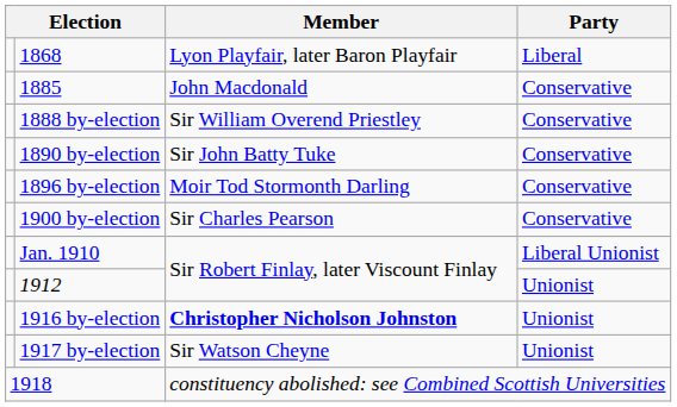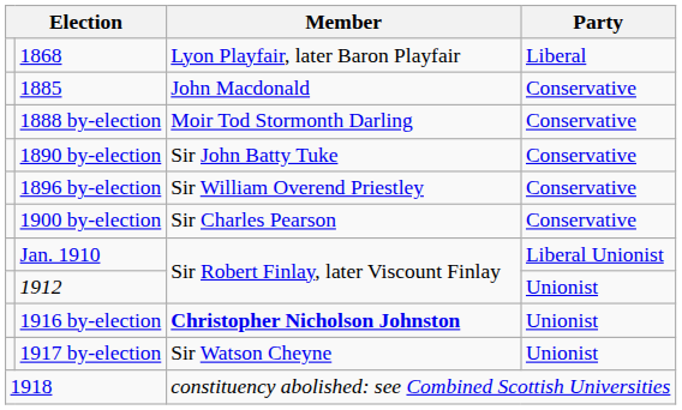 <table class="wikitable">
 <tr>
 <th colspan="2">Election</th>
 <th>Member</th>
 <th>Party</th>
 </tr>
 <tr>
 <td style="color:inherit;background-color: "></td>
 <td><a href='#'>1868</a></td>
 <td><a href='#'>Lyon Playfair</a>, later Baron Playfair</td>
 <td><a href='#'>Liberal</a></td>
 </tr>
 <tr>
 <td style="color:inherit;background-color: "></td>
 <td><a href='#'>1885</a></td>
 <td><a href='#'>John Macdonald</a></td>
 <td><a href='#'>Conservative</a></td>
 </tr>
 <tr>
 <td style="color:inherit;background-color: "></td>
 <td><a href='#'>1888 by-election</a></td>
-<td>Sir <a href='#'>William Overend Priestley</a></td>
+<td><a href='#'>Moir Tod Stormonth Darling</a></td>
 <td><a href='#'>Conservative</a></td>
 </tr>
 <tr>
 <td style="color:inherit;background-color: "></td>
 <td><a href='#'>1890 by-election</a></td>
 <td>Sir <a href='#'>John Batty Tuke</a></td>
 <td><a href='#'>Conservative</a></td>
 </tr>
 <tr>
 <td style="color:inherit;background-color: "></td>
 <td><a href='#'>1896 by-election</a></td>
-<td><a href='#'>Moir Tod Stormonth Darling</a></td>
+<td>Sir <a href='#'>William Overend Priestley</a></td>
 <td><a href='#'>Conservative</a></td>
 </tr>
 <tr>
 <td style="color:inherit;background-color: "></td>
 <td><a href='#'>1900 by-election</a></td>
 <td>Sir <a href='#'>Charles Pearson</a></td>
 <td><a href='#'>Conservative</a></td>
 </tr>
 <tr>
 <td style="color:inherit;background-color: "></td>
 <td><a href='#'>Jan. 1910</a></td>
 <td rowspan=2>Sir <a href='#'>Robert Finlay</a>, later Viscount Finlay</td>
 <td><a href='#'>Liberal Unionist</a></td>
 </tr>
 <tr>
 <td style="color:inherit;background-color: "></td>
 <td><em>1912</em></td>
 <td><a href='#'>Unionist</a></td>
 </tr>
 <tr>
 <td style="color:inherit;background-color: "></td>
 <td><a href='#'>1916 by-election</a></td>
 <td><strong><a href='#'>Christopher Nicholson Johnston</a></strong></td>
 <td><a href='#'>Unionist</a></td>
 </tr>
 <tr>
 <td style="color:inherit;background-color: "></td>
 <td><a href='#'>1917 by-election</a></td>
 <td>Sir <a href='#'>Watson Cheyne</a></td>
 <td><a href='#'>Unionist</a></td>
 </tr>
 <tr>
 <td colspan="2"><a href='#'>1918</a></td>
 <td colspan="2"><em>constituency abolished: see <a href='#'>Combined Scottish Universities</a></em></td>
 </tr>
 </table>
